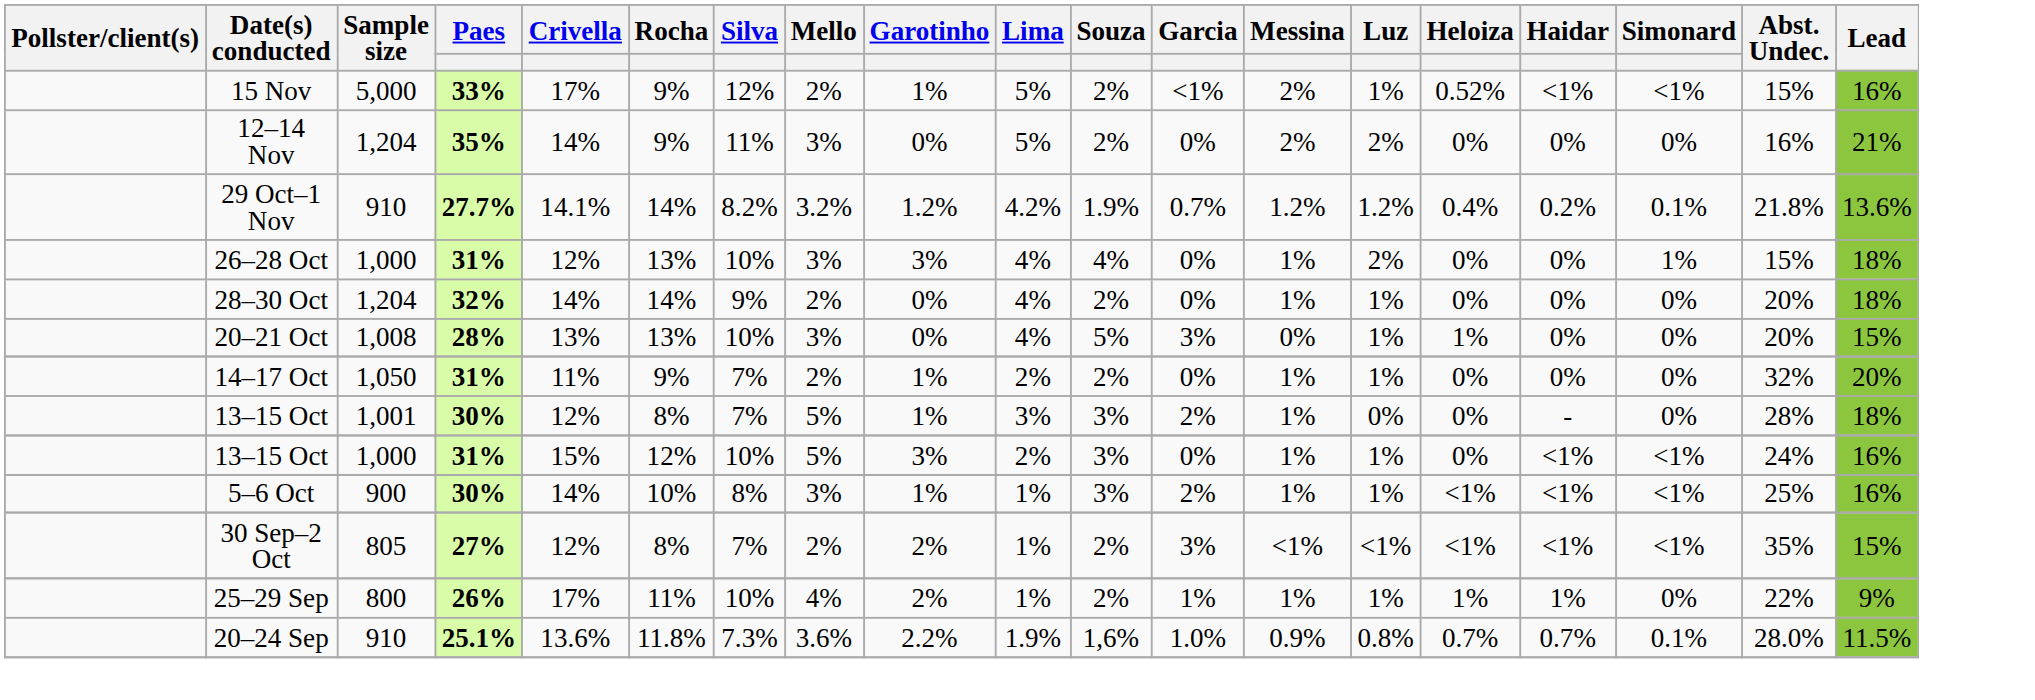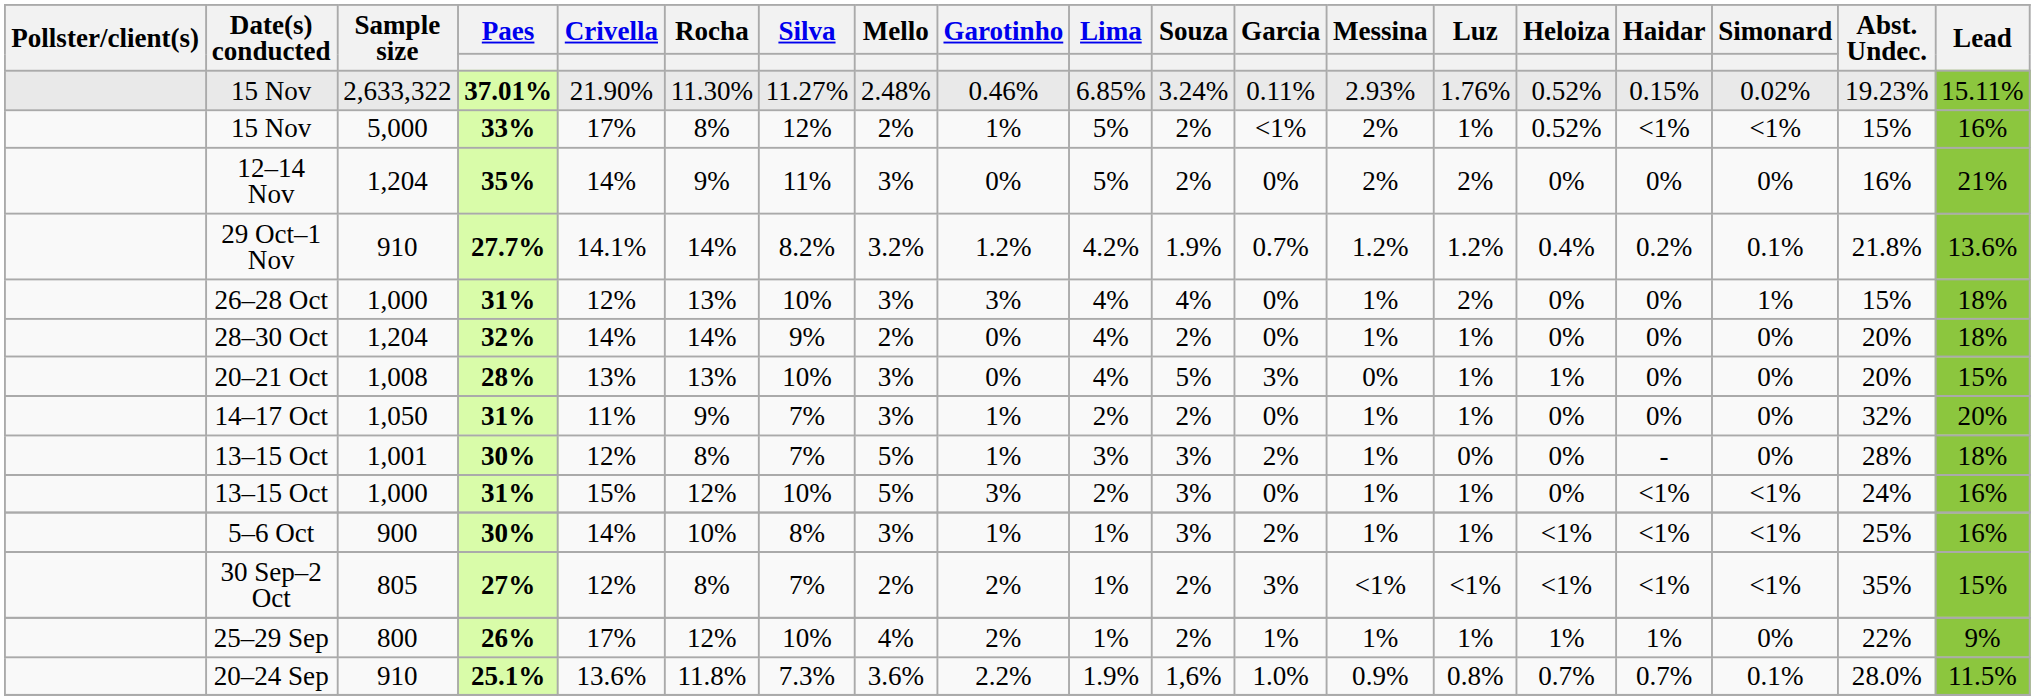 <table class="wikitable sortable" style="text-align:center;font-size:90%;line-height:14px;">
 <tr>
 <th rowspan="2">Pollster/client(s)</th>
 <th rowspan="2">Date(s)<br>conducted</th>
 <th rowspan="2" data-sort-type="number">Sample<br>size</th>
 <th class="unsortable" style="width:50px;"><a href='#'>Paes</a><br></th>
 <th class="unsortable" style="width:50px;"><a href='#'>Crivella</a><br></th>
 <th class="unsortable" style="width:50px;">Rocha<br></th>
 <th class="unsortable" style="width:50px;"><a href='#'>Silva</a><br></th>
 <th class="unsortable" style="width:50px;">Mello<br></th>
 <th class="unsortable" style="width:50px;"><a href='#'>Garotinho</a><br></th>
 <th class="unsortable" style="width:50px;"><a href='#'>Lima</a><br></th>
 <th class="unsortable" style="width:50px;">Souza<br></th>
 <th class="unsortable" style="width:50px;">Garcia<br></th>
 <th class="unsortable" style="width:50px;">Messina<br></th>
 <th class="unsortable" style="width:50px;">Luz<br></th>
 <th class="unsortable" style="width:50px;">Heloiza<br></th>
 <th class="unsortable" style="width:50px;">Haidar<br></th>
 <th class="unsortable" style="width:50px;">Simonard<br></th>
 <th rowspan="2" class="unsortable">Abst.<br>Undec.</th>
 <th rowspan="2" data-sort-type="number">Lead</th>
 </tr>
 <tr>
 <th data-sort-type="number" class="sortable" style="background:"></th>
 <th data-sort-type="number" class="sortable" style="background:"></th>
 <th data-sort-type="number" class="sortable" style="background:"></th>
 <th data-sort-type="number" class="sortable" style="background:"></th>
 <th data-sort-type="number" class="sortable" style="background:"></th>
 <th data-sort-type="number" class="sortable" style="background:"></th>
 <th data-sort-type="number" class="sortable" style="background:"></th>
 <th data-sort-type="number" class="sortable" style="background:"></th>
 <th data-sort-type="number" class="sortable" style="background:"></th>
 <th data-sort-type="number" class="sortable" style="background:"></th>
 <th data-sort-type="number" class="sortable" style="background:"></th>
 <th data-sort-type="number" class="sortable" style="background:"></th>
 <th data-sort-type="number" class="sortable" style="background:"></th>
 <th data-sort-type="number" class="sortable" style="background:"></th>
 </tr>
+<tr style="background:#E9E9E9;">
+<td></td>
+<td>15 Nov</td>
+<td>2,633,322</td>
+<td style="background:#D9FCA9"><strong>37.01%</strong></td>
+<td>21.90%</td>
+<td>11.30%</td>
+<td>11.27%</td>
+<td>2.48%</td>
+<td>0.46%</td>
+<td>6.85%</td>
+<td>3.24%</td>
+<td>0.11%</td>
+<td>2.93%</td>
+<td>1.76%</td>
+<td>0.52%</td>
+<td>0.15%</td>
+<td>0.02%</td>
+<td>19.23%</td>
+<td style="background:#8CC63E">15.11%</td>
+</tr>
 <tr>
 <td></td>
 <td>15 Nov</td>
 <td>5,000</td>
 <td style="background:#D9FCA9"><strong>33%</strong></td>
 <td>17%</td>
-<td>9%</td>
+<td>8%</td>
 <td>12%</td>
 <td>2%</td>
 <td>1%</td>
 <td>5%</td>
 <td>2%</td>
 <td><1%</td>
 <td>2%</td>
 <td>1%</td>
 <td>0.52%</td>
 <td><1%</td>
 <td><1%</td>
 <td>15%</td>
 <td style="background:#8CC63E">16%</td>
 </tr>
 <tr>
 <td></td>
 <td>12–14 Nov</td>
 <td>1,204</td>
 <td style="background:#D9FCA9"><strong>35%</strong></td>
 <td>14%</td>
 <td>9%</td>
 <td>11%</td>
 <td>3%</td>
 <td>0%</td>
 <td>5%</td>
 <td>2%</td>
 <td>0%</td>
 <td>2%</td>
 <td>2%</td>
 <td>0%</td>
 <td>0%</td>
 <td>0%</td>
 <td>16%</td>
 <td style="background:#8CC63E">21%</td>
 </tr>
 <tr>
 <td></td>
 <td>29 Oct–1 Nov</td>
 <td>910</td>
 <td style="background:#D9FCA9"><strong>27.7%</strong></td>
 <td>14.1%</td>
 <td>14%</td>
 <td>8.2%</td>
 <td>3.2%</td>
 <td>1.2%</td>
 <td>4.2%</td>
 <td>1.9%</td>
 <td>0.7%</td>
 <td>1.2%</td>
 <td>1.2%</td>
 <td>0.4%</td>
 <td>0.2%</td>
 <td>0.1%</td>
 <td>21.8%</td>
 <td style="background:#8CC63E">13.6%</td>
 </tr>
 <tr>
 <td></td>
 <td>26–28 Oct</td>
 <td>1,000</td>
 <td style="background:#D9FCA9"><strong>31%</strong></td>
 <td>12%</td>
 <td>13%</td>
 <td>10%</td>
 <td>3%</td>
 <td>3%</td>
 <td>4%</td>
 <td>4%</td>
 <td>0%</td>
 <td>1%</td>
 <td>2%</td>
 <td>0%</td>
 <td>0%</td>
 <td>1%</td>
 <td>15%</td>
 <td style="background:#8CC63E">18%</td>
 </tr>
 <tr>
 <td></td>
 <td>28–30 Oct</td>
 <td>1,204</td>
 <td style="background:#D9FCA9;"><strong>32%</strong></td>
 <td>14%</td>
 <td>14%</td>
 <td>9%</td>
 <td>2%</td>
 <td>0%</td>
 <td>4%</td>
 <td>2%</td>
 <td>0%</td>
 <td>1%</td>
 <td>1%</td>
 <td>0%</td>
 <td>0%</td>
 <td>0%</td>
 <td>20%</td>
 <td style="background:#8CC63E;">18%</td>
 </tr>
 <tr>
 <td></td>
 <td>20–21 Oct</td>
 <td>1,008</td>
 <td style="background:#D9FCA9;"><strong>28%</strong></td>
 <td>13%</td>
 <td>13%</td>
 <td>10%</td>
 <td>3%</td>
 <td>0%</td>
 <td>4%</td>
 <td>5%</td>
 <td>3%</td>
 <td>0%</td>
 <td>1%</td>
 <td>1%</td>
 <td>0%</td>
 <td>0%</td>
 <td>20%</td>
 <td style="background:#8CC63E;">15%</td>
 </tr>
 <tr>
 </tr>
 <tr>
 <td></td>
 <td>14–17 Oct</td>
 <td>1,050</td>
 <td style="background:#D9FCA9;"><strong>31%</strong></td>
 <td>11%</td>
 <td>9%</td>
 <td>7%</td>
-<td>2%</td>
+<td>3%</td>
 <td>1%</td>
 <td>2%</td>
 <td>2%</td>
 <td>0%</td>
 <td>1%</td>
 <td>1%</td>
 <td>0%</td>
 <td>0%</td>
 <td>0%</td>
 <td>32%</td>
 <td style="background:#8CC63E;">20%</td>
 </tr>
 <tr>
 <td></td>
 <td>13–15 Oct</td>
 <td>1,001</td>
 <td style="background:#D9FCA9;"><strong>30%</strong></td>
 <td>12%</td>
 <td>8%</td>
 <td>7%</td>
 <td>5%</td>
 <td>1%</td>
 <td>3%</td>
 <td>3%</td>
 <td>2%</td>
 <td>1%</td>
 <td>0%</td>
 <td>0%</td>
 <td>-</td>
 <td>0%</td>
 <td>28%</td>
 <td style="background:#8CC63E;">18%</td>
 </tr>
 <tr>
 </tr>
 <tr>
 <td></td>
 <td>13–15 Oct</td>
 <td>1,000</td>
 <td style="background:#D9FCA9;"><strong>31%</strong></td>
 <td>15%</td>
 <td>12%</td>
 <td>10%</td>
 <td>5%</td>
 <td>3%</td>
 <td>2%</td>
 <td>3%</td>
 <td>0%</td>
 <td>1%</td>
 <td>1%</td>
 <td>0%</td>
 <td><1%</td>
 <td><1%</td>
 <td>24%</td>
 <td style="background:#8CC63E;">16%</td>
 </tr>
 <tr>
 </tr>
 <tr>
 </tr>
 <tr>
 <td></td>
 <td>5–6 Oct</td>
 <td>900</td>
 <td style="background:#D9FCA9;"><strong>30%</strong></td>
 <td>14%</td>
 <td>10%</td>
 <td>8%</td>
 <td>3%</td>
 <td>1%</td>
 <td>1%</td>
 <td>3%</td>
 <td>2%</td>
 <td>1%</td>
 <td>1%</td>
 <td><1%</td>
 <td><1%</td>
 <td><1%</td>
 <td>25%</td>
 <td style="background:#8CC63E;">16%</td>
 </tr>
 <tr>
 </tr>
 <tr>
 <td></td>
 <td>30 Sep–2 Oct</td>
 <td>805</td>
 <td style="background:#D9FCA9;"><strong>27%</strong></td>
 <td>12%</td>
 <td>8%</td>
 <td>7%</td>
 <td>2%</td>
 <td>2%</td>
 <td>1%</td>
 <td>2%</td>
 <td>3%</td>
 <td><1%</td>
 <td><1%</td>
 <td><1%</td>
 <td><1%</td>
 <td><1%</td>
 <td>35%</td>
 <td style="background:#8CC63E;">15%</td>
 </tr>
 <tr>
 </tr>
 <tr>
 <td></td>
 <td>25–29 Sep</td>
 <td>800</td>
 <td style="background:#D9FCA9;"><strong>26%</strong></td>
 <td>17%</td>
-<td>11%</td>
+<td>12%</td>
 <td>10%</td>
 <td>4%</td>
 <td>2%</td>
 <td>1%</td>
 <td>2%</td>
 <td>1%</td>
 <td>1%</td>
 <td>1%</td>
 <td>1%</td>
 <td>1%</td>
 <td>0%</td>
 <td>22%</td>
 <td style="background:#8CC63E;">9%</td>
 </tr>
 <tr>
 <td></td>
 <td>20–24 Sep</td>
 <td>910</td>
 <td style="background:#D9FCA9;"><strong>25.1%</strong></td>
 <td>13.6%</td>
 <td>11.8%</td>
 <td>7.3%</td>
 <td>3.6%</td>
 <td>2.2%</td>
 <td>1.9%</td>
 <td>1,6%</td>
 <td>1.0%</td>
 <td>0.9%</td>
 <td>0.8%</td>
 <td>0.7%</td>
 <td>0.7%</td>
 <td>0.1%</td>
 <td>28.0%</td>
 <td style="background:#8CC63E;">11.5%</td>
 </tr>
 <tr>
 </tr>
 </table>
